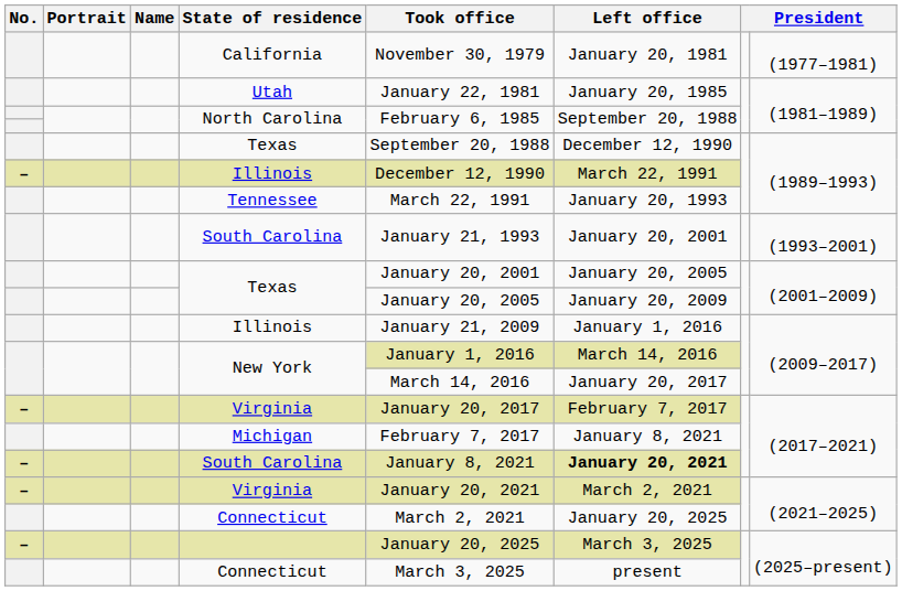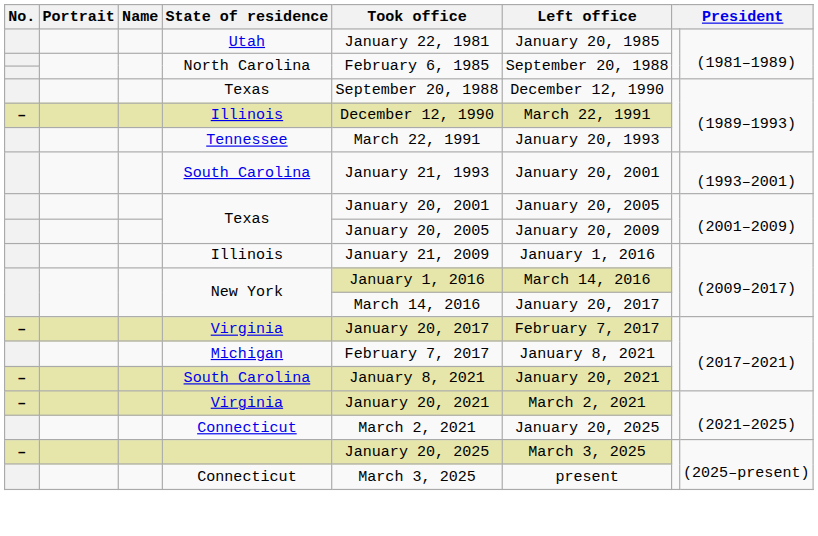 <table class="wikitable" style="text-align:center">
 <tr>
 <th>No.</th>
 <th class=unsortable>Portrait</th>
 <th>Name</th>
 <th>State of residence</th>
 <th>Took office</th>
 <th>Left office</th>
 <th colspan=2><a href='#'>President</a></th>
-</tr>
-<tr>
-<th style="background: "></th>
-<td></td>
-<td></td>
-<td>California</td>
-<td>November 30, 1979</td>
-<td>January 20, 1981</td>
-<td style="background: "></td>
-<td><br>(1977–1981)</td>
 </tr>
 <tr>
 <th style="background: "></th>
 <td></td>
 <td></td>
 <td><a href='#'>Utah</a></td>
 <td>January 22, 1981</td>
 <td>January 20, 1985</td>
 <td rowspan=4 style="background: "></td>
 <td rowspan=4><br>(1981–1989)</td>
 </tr>
 <tr>
 <th style="background: "></th>
 <td rowspan=2></td>
 <td rowspan=2></td>
 <td rowspan=2>North Carolina</td>
 <td rowspan=2>February 6, 1985</td>
 <td rowspan=2>September 20, 1988</td>
 </tr>
 <tr>
 <th style="background: "></th>
 </tr>
 <tr>
 <th rowspan=2 style="background: "></th>
 <td rowspan=2></td>
 <td rowspan=2></td>
 <td rowspan=2>Texas</td>
 <td rowspan=2>September 20, 1988</td>
 <td rowspan=2>December 12, 1990</td>
 </tr>
 <tr>
 <td rowspan=3 style="background: "></td>
 <td rowspan=3><br>(1989–1993)</td>
 </tr>
 <tr>
 <th style="background:#E6E6AA;">–</th>
 <td bgcolor=#E6E6AA></td>
 <td bgcolor=#E6E6AA><br></td>
 <td bgcolor=#E6E6AA><a href='#'>Illinois</a></td>
 <td bgcolor=#E6E6AA>December 12, 1990</td>
 <td bgcolor=#E6E6AA>March 22, 1991</td>
 </tr>
 <tr>
 <th style="background: "></th>
 <td></td>
 <td></td>
 <td><a href='#'>Tennessee</a></td>
 <td>March 22, 1991</td>
 <td>January 20, 1993</td>
 </tr>
 <tr>
 <th style="background: "></th>
 <td></td>
 <td></td>
 <td><a href='#'>South Carolina</a></td>
 <td>January 21, 1993</td>
 <td>January 20, 2001</td>
 <td style="background: "></td>
 <td><br>(1993–2001)</td>
 </tr>
 <tr>
 <th style="background: "></th>
 <td></td>
 <td></td>
 <td rowspan=2>Texas</td>
 <td>January 20, 2001</td>
 <td>January 20, 2005</td>
 <td rowspan=2 style="background: "></td>
 <td rowspan=2><br>(2001–2009)</td>
 </tr>
 <tr>
 <th style="background: "></th>
 <td></td>
 <td></td>
 <td>January 20, 2005</td>
 <td>January 20, 2009</td>
 </tr>
 <tr>
 <th style="background: "></th>
 <td></td>
 <td></td>
 <td>Illinois</td>
 <td>January 21, 2009</td>
 <td>January 1, 2016</td>
 <td rowspan=3 style="background: "></td>
 <td rowspan=3><br>(2009–2017)</td>
 </tr>
 <tr>
 <th rowspan=2 style="background: "></th>
 <td rowspan=2></td>
 <td rowspan=2></td>
 <td rowspan=2>New York</td>
 <td style="background:#e6e6aa;">January 1, 2016</td>
 <td style="background:#e6e6aa;">March 14, 2016</td>
 </tr>
 <tr>
 <td>March 14, 2016</td>
 <td>January 20, 2017</td>
 </tr>
 <tr>
 <th style="background:#E6E6AA;">–</th>
 <td bgcolor=#E6E6AA></td>
 <td bgcolor=#E6E6AA><br></td>
 <td bgcolor=#E6E6AA><a href='#'>Virginia</a></td>
 <td bgcolor=#E6E6AA>January 20, 2017</td>
 <td bgcolor=#E6E6AA>February 7, 2017</td>
 <td rowspan=3 style="background: "></td>
 <td rowspan=3><br>(2017–2021)</td>
 </tr>
 <tr>
 <th style="background: "></th>
 <td></td>
 <td></td>
 <td><a href='#'>Michigan</a></td>
 <td>February 7, 2017</td>
 <td>January 8, 2021</td>
 </tr>
 <tr>
 <th style="background:#E6E6AA;">–</th>
 <td bgcolor=#E6E6AA></td>
 <td bgcolor=#E6E6AA><br></td>
 <td bgcolor=#E6E6AA><a href='#'>South Carolina</a></td>
 <td bgcolor=#E6E6AA>January 8, 2021</td>
-<td bgcolor=#E6E6AA><strong>January 20, 2021</strong></td>
+<td bgcolor=#E6E6AA>January 20, 2021</td>
 </tr>
 <tr>
 <th style="background:#E6E6AA;">–</th>
 <td bgcolor=#E6E6AA></td>
 <td bgcolor=#E6E6AA><br></td>
 <td bgcolor=#E6E6AA><a href='#'>Virginia</a></td>
 <td bgcolor=#E6E6AA>January 20, 2021</td>
 <td bgcolor=#E6E6AA>March 2, 2021</td>
 <td rowspan=2 style="background: "></td>
 <td rowspan=2><br>(2021–2025)</td>
 </tr>
 <tr>
 <th style="background: "></th>
 <td></td>
 <td></td>
 <td><a href='#'>Connecticut</a></td>
 <td>March 2, 2021</td>
 <td>January 20, 2025</td>
 </tr>
 <tr>
 <th style="background:#E6E6AA;">–</th>
 <td bgcolor=#E6E6AA></td>
 <td bgcolor=#E6E6AA><br></td>
 <td bgcolor=#E6E6AA></td>
 <td bgcolor=#E6E6AA>January 20, 2025</td>
 <td bgcolor=#E6E6AA>March 3, 2025</td>
 <td rowspan=2 style="background: "></td>
 <td rowspan=2><br>(2025–present)</td>
 </tr>
 <tr>
 <th style="background: "></th>
 <td></td>
 <td></td>
 <td>Connecticut</td>
 <td>March 3, 2025</td>
 <td>present</td>
 </tr>
 </table>
